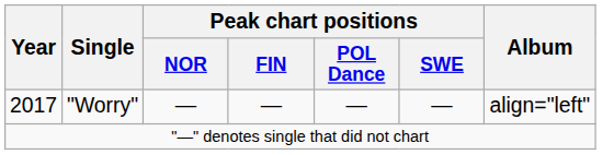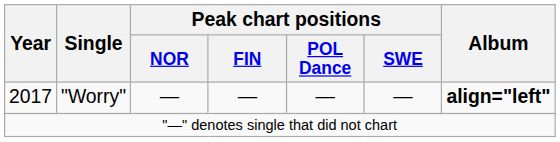 <table class="wikitable plainrowheaders" style="text-align:center;">
 <tr>
 <th scope="col" rowspan="2">Year</th>
 <th scope="col" rowspan="2">Single</th>
 <th scope="col" colspan="4">Peak chart positions</th>
 <th scope="col" rowspan="2">Album</th>
 </tr>
 <tr>
 <th scope="col" style="width:4em;font-size:90%;"><a href='#'>NOR</a><br></th>
 <th scope="col" style="width:4em;font-size:90%;"><a href='#'>FIN</a><br></th>
 <th scope="col" style="width:4em;font-size:90%;"><a href='#'>POL Dance</a><br></th>
 <th scope="col" style="width:4em;font-size:90%;"><a href='#'>SWE</a><br></th>
 </tr>
 <tr>
 <td>2017</td>
 <td align="left">"Worry" <br></td>
 <td>—</td>
 <td>—</td>
 <td>—</td>
 <td>—</td>
-<td>align="left" </td>
+<td><strong>align="left" </strong></td>
 </tr>
 <tr>
 <td colspan="8" style="font-size:9pt">"—" denotes single that did not chart</td>
 </tr>
 </table>
